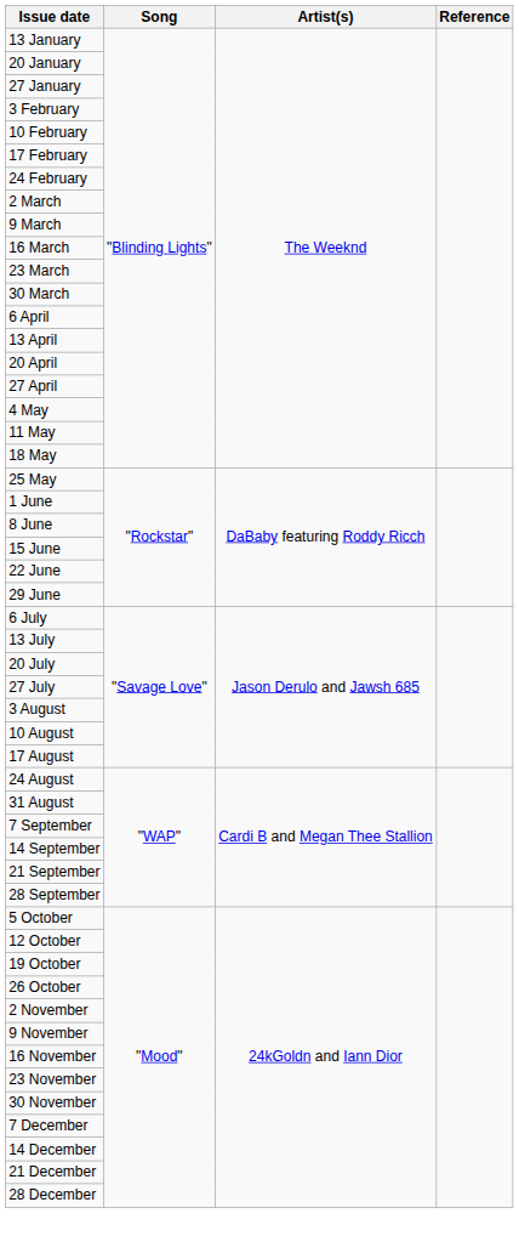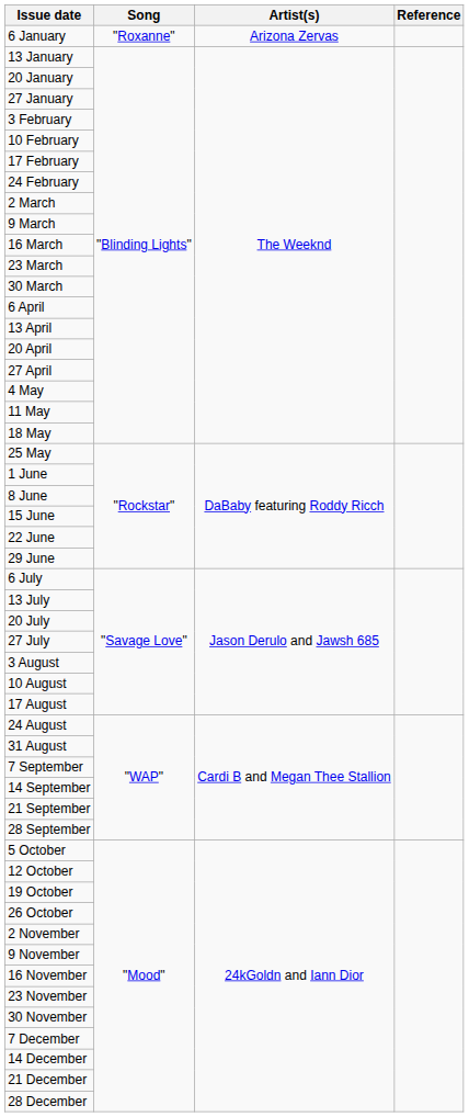 <table class="wikitable">
 <tr>
 <th>Issue date</th>
 <th>Song</th>
 <th>Artist(s)</th>
 <th>Reference</th>
+</tr>
+<tr>
+<td align="left">6 January</td>
+<td align="center">"<a href='#'>Roxanne</a>"</td>
+<td align="center"><a href='#'>Arizona Zervas</a></td>
+<td align="center"></td>
 </tr>
 <tr>
 <td align="left">13 January</td>
 <td align="center" rowspan="19">"<a href='#'>Blinding Lights</a>"</td>
 <td align="center" rowspan="19"><a href='#'>The Weeknd</a></td>
 <td align="center" rowspan="19"></td>
 </tr>
 <tr>
 <td align="left">20 January</td>
 </tr>
 <tr>
 <td align="left">27 January</td>
 </tr>
 <tr>
 <td align="left">3 February</td>
 </tr>
 <tr>
 <td align="left">10 February</td>
 </tr>
 <tr>
 <td align="left">17 February</td>
 </tr>
 <tr>
 <td align="left">24 February</td>
 </tr>
 <tr>
 <td align="left">2 March</td>
 </tr>
 <tr>
 <td align="left">9 March</td>
 </tr>
 <tr>
 <td align="left">16 March</td>
 </tr>
 <tr>
 <td align="left">23 March</td>
 </tr>
 <tr>
 <td align="left">30 March</td>
 </tr>
 <tr>
 <td align="left">6 April</td>
 </tr>
 <tr>
 <td align="left">13 April</td>
 </tr>
 <tr>
 <td align="left">20 April</td>
 </tr>
 <tr>
 <td align="left">27 April</td>
 </tr>
 <tr>
 <td align="left">4 May</td>
 </tr>
 <tr>
 <td align="left">11 May</td>
 </tr>
 <tr>
 <td align="left">18 May</td>
 </tr>
 <tr>
 <td align="left">25 May</td>
 <td align="center" rowspan="6">"<a href='#'>Rockstar</a>"</td>
 <td align="center" rowspan="6"><a href='#'>DaBaby</a> featuring <a href='#'>Roddy Ricch</a></td>
 <td align="center" rowspan="6"></td>
 </tr>
 <tr>
 <td align="left">1 June</td>
 </tr>
 <tr>
 <td align="left">8 June</td>
 </tr>
 <tr>
 <td align="left">15 June</td>
 </tr>
 <tr>
 <td align="left">22 June</td>
 </tr>
 <tr>
 <td align="left">29 June</td>
 </tr>
 <tr>
 <td align="left">6 July</td>
 <td align="center" rowspan="7">"<a href='#'>Savage Love</a>"</td>
 <td align="center" rowspan="7"><a href='#'>Jason Derulo</a> and <a href='#'>Jawsh 685</a></td>
 <td align="center" rowspan="7"></td>
 </tr>
 <tr>
 <td align="left">13 July</td>
 </tr>
 <tr>
 <td align="left">20 July</td>
 </tr>
 <tr>
 <td align="left">27 July</td>
 </tr>
 <tr>
 <td align="left">3 August</td>
 </tr>
 <tr>
 <td align="left">10 August</td>
 </tr>
 <tr>
 <td align="left">17 August</td>
 </tr>
 <tr>
 <td align="left">24 August</td>
 <td align="center" rowspan="6">"<a href='#'>WAP</a>"</td>
 <td align="center" rowspan="6"><a href='#'>Cardi B</a> and <a href='#'>Megan Thee Stallion</a></td>
 <td align="center" rowspan="6"></td>
 </tr>
 <tr>
 <td align="left">31 August</td>
 </tr>
 <tr>
 <td align="left">7 September</td>
 </tr>
 <tr>
 <td align="left">14 September</td>
 </tr>
 <tr>
 <td align="left">21 September</td>
 </tr>
 <tr>
 <td align="left">28 September</td>
 </tr>
 <tr>
 <td align="left">5 October</td>
 <td align="center" rowspan="13">"<a href='#'>Mood</a>"</td>
 <td align="center" rowspan="13"><a href='#'>24kGoldn</a> and <a href='#'>Iann Dior</a></td>
 <td align="center" rowspan="13"></td>
 </tr>
 <tr>
 <td align="left">12 October</td>
 </tr>
 <tr>
 <td align="left">19 October</td>
 </tr>
 <tr>
 <td align="left">26 October</td>
 </tr>
 <tr>
 <td align="left">2 November</td>
 </tr>
 <tr>
 <td align="left">9 November</td>
 </tr>
 <tr>
 <td align="left">16 November</td>
 </tr>
 <tr>
 <td align="left">23 November</td>
 </tr>
 <tr>
 <td align="left">30 November</td>
 </tr>
 <tr>
 <td align="left">7 December</td>
 </tr>
 <tr>
 <td align="left">14 December</td>
 </tr>
 <tr>
 <td align="left">21 December</td>
 </tr>
 <tr>
 <td align="left">28 December</td>
 </tr>
 </table>
